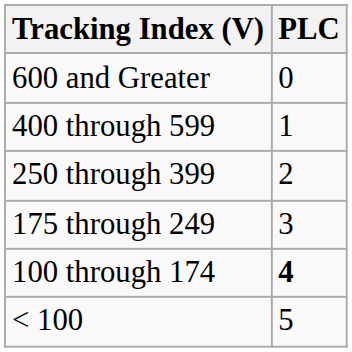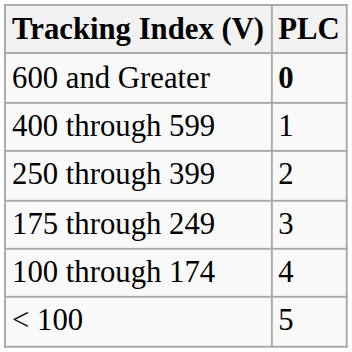 <table class="wikitable">
 <tr>
 <th>Tracking Index (V)</th>
 <th>PLC</th>
 </tr>
 <tr>
 <td>600 and Greater</td>
-<td>0</td>
+<td><strong>0</strong></td>
 </tr>
 <tr>
 <td>400 through 599</td>
 <td>1</td>
 </tr>
 <tr>
 <td>250 through 399</td>
 <td>2</td>
 </tr>
 <tr>
 <td>175 through 249</td>
 <td>3</td>
 </tr>
 <tr>
 <td>100 through 174</td>
-<td><strong>4</strong></td>
+<td>4</td>
 </tr>
 <tr>
 <td>< 100</td>
 <td>5</td>
 </tr>
 </table>
